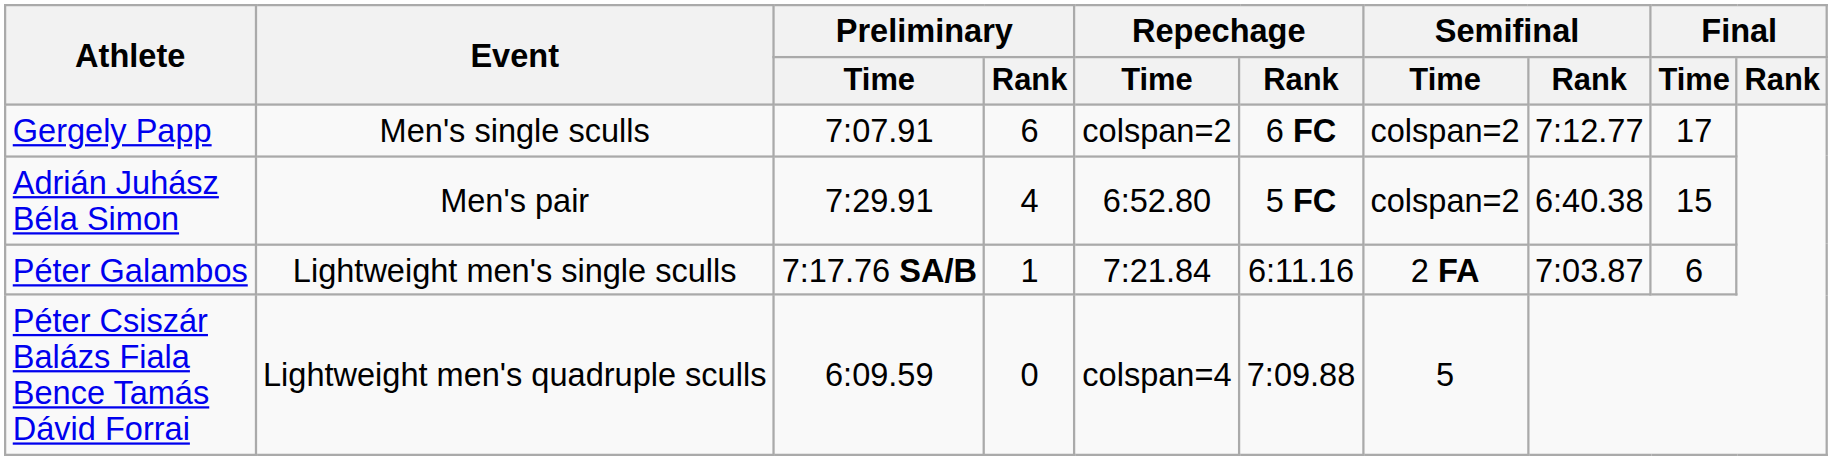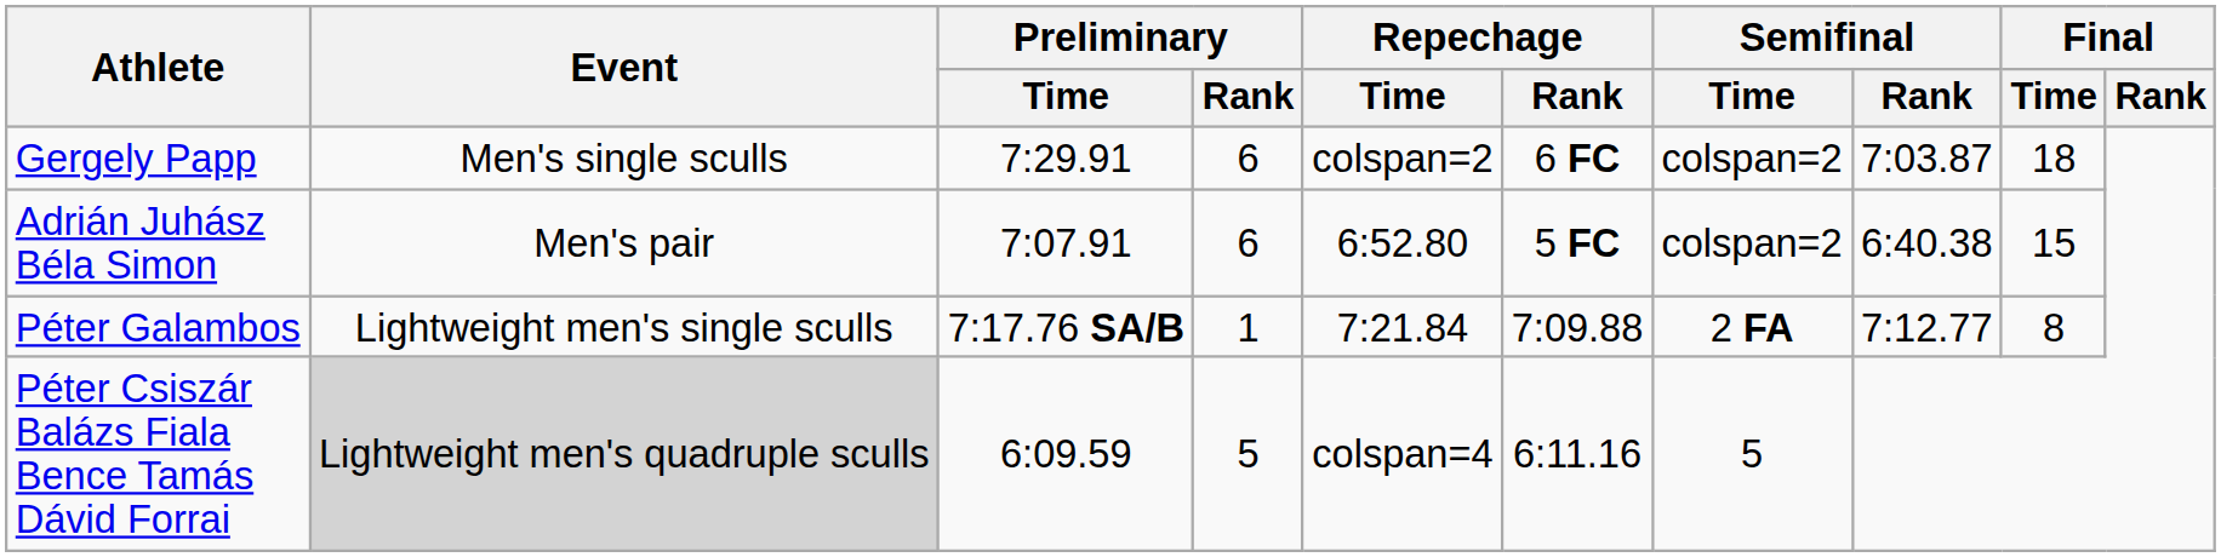 <table class="wikitable" style="font-size:90%">
 <tr>
 <th rowspan=2>Athlete</th>
 <th rowspan=2>Event</th>
 <th colspan="2">Preliminary</th>
 <th colspan="2">Repechage</th>
 <th colspan="2">Semifinal</th>
 <th colspan="2">Final</th>
 </tr>
 <tr style="font-size:95%">
 <th>Time</th>
 <th>Rank</th>
 <th>Time</th>
 <th>Rank</th>
 <th>Time</th>
 <th>Rank</th>
 <th>Time</th>
 <th>Rank</th>
 </tr>
 <tr align=center>
 <td align=left><a href='#'>Gergely Papp</a></td>
 <td>Men's single sculls</td>
-<td>7:07.91</td>
+<td>7:29.91</td>
 <td>6</td>
 <td>colspan=2 </td>
 <td>6 <strong>FC</strong></td>
 <td>colspan=2 </td>
-<td>7:12.77</td>
-<td>17</td>
+<td>7:03.87</td>
+<td>18</td>
 </tr>
 <tr align=center>
 <td align=left><a href='#'>Adrián Juhász</a><br><a href='#'>Béla Simon</a></td>
 <td>Men's pair</td>
-<td>7:29.91</td>
-<td>4</td>
+<td>7:07.91</td>
+<td>6</td>
 <td>6:52.80</td>
 <td>5 <strong>FC</strong></td>
 <td>colspan=2 </td>
 <td>6:40.38</td>
 <td>15</td>
 </tr>
 <tr align=center>
 <td align=left><a href='#'>Péter Galambos</a></td>
 <td>Lightweight men's single sculls</td>
 <td>7:17.76 <strong>SA/B</strong></td>
 <td>1</td>
 <td>7:21.84</td>
-<td>6:11.16</td>
+<td>7:09.88</td>
 <td>2 <strong>FA</strong></td>
-<td>7:03.87</td>
-<td>6</td>
+<td>7:12.77</td>
+<td>8</td>
 </tr>
 <tr align=center>
 <td align=left><a href='#'>Péter Csiszár</a><br><a href='#'>Balázs Fiala</a><br><a href='#'>Bence Tamás</a><br><a href='#'>Dávid Forrai</a></td>
-<td>Lightweight men's quadruple sculls</td>
+<td style="background: lightgrey;">Lightweight men's quadruple sculls</td>
 <td>6:09.59</td>
-<td>0</td>
+<td>5</td>
 <td>colspan=4 </td>
-<td>7:09.88</td>
+<td>6:11.16</td>
 <td>5</td>
 </tr>
 </table>
